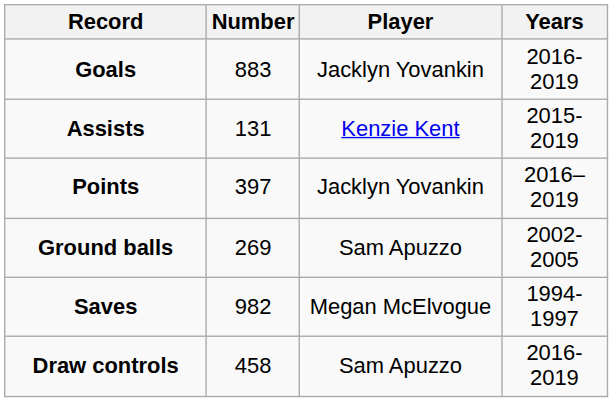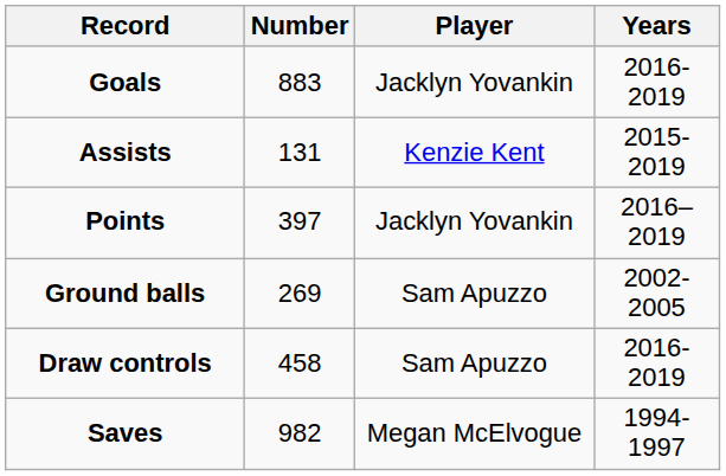 <table class="wikitable">
 <tr>
 <th style="width:140px; ">Record</th>
 <th style="width:35px; ">Number</th>
 <th style="width:140px; ">Player</th>
 <th style="width:70px; ">Years</th>
 </tr>
 <tr style="text-align:center;">
 <td><strong>Goals</strong></td>
 <td>883</td>
 <td>Jacklyn Yovankin</td>
 <td>2016-2019</td>
 </tr>
 <tr style="text-align:center;">
 <td><strong>Assists</strong></td>
 <td>131</td>
 <td><a href='#'>Kenzie Kent</a></td>
 <td>2015-2019</td>
 </tr>
 <tr style="text-align:center;">
 <td><strong>Points</strong></td>
 <td>397</td>
 <td>Jacklyn Yovankin</td>
 <td>2016–2019</td>
 </tr>
 <tr style="text-align:center;">
 <td><strong>Ground balls</strong></td>
 <td>269</td>
 <td>Sam Apuzzo</td>
 <td>2002-2005</td>
 </tr>
 <tr style="text-align:center;">
+<td><strong>Draw controls</strong></td>
+<td>458</td>
+<td>Sam Apuzzo</td>
+<td>2016-2019</td>
+</tr>
+<tr style="text-align:center;">
 <td><strong>Saves</strong></td>
 <td>982</td>
 <td>Megan McElvogue</td>
 <td>1994-1997</td>
 </tr>
-<tr style="text-align:center;">
-<td><strong>Draw controls</strong></td>
-<td>458</td>
-<td>Sam Apuzzo</td>
-<td>2016-2019</td>
-</tr>
 </table>
